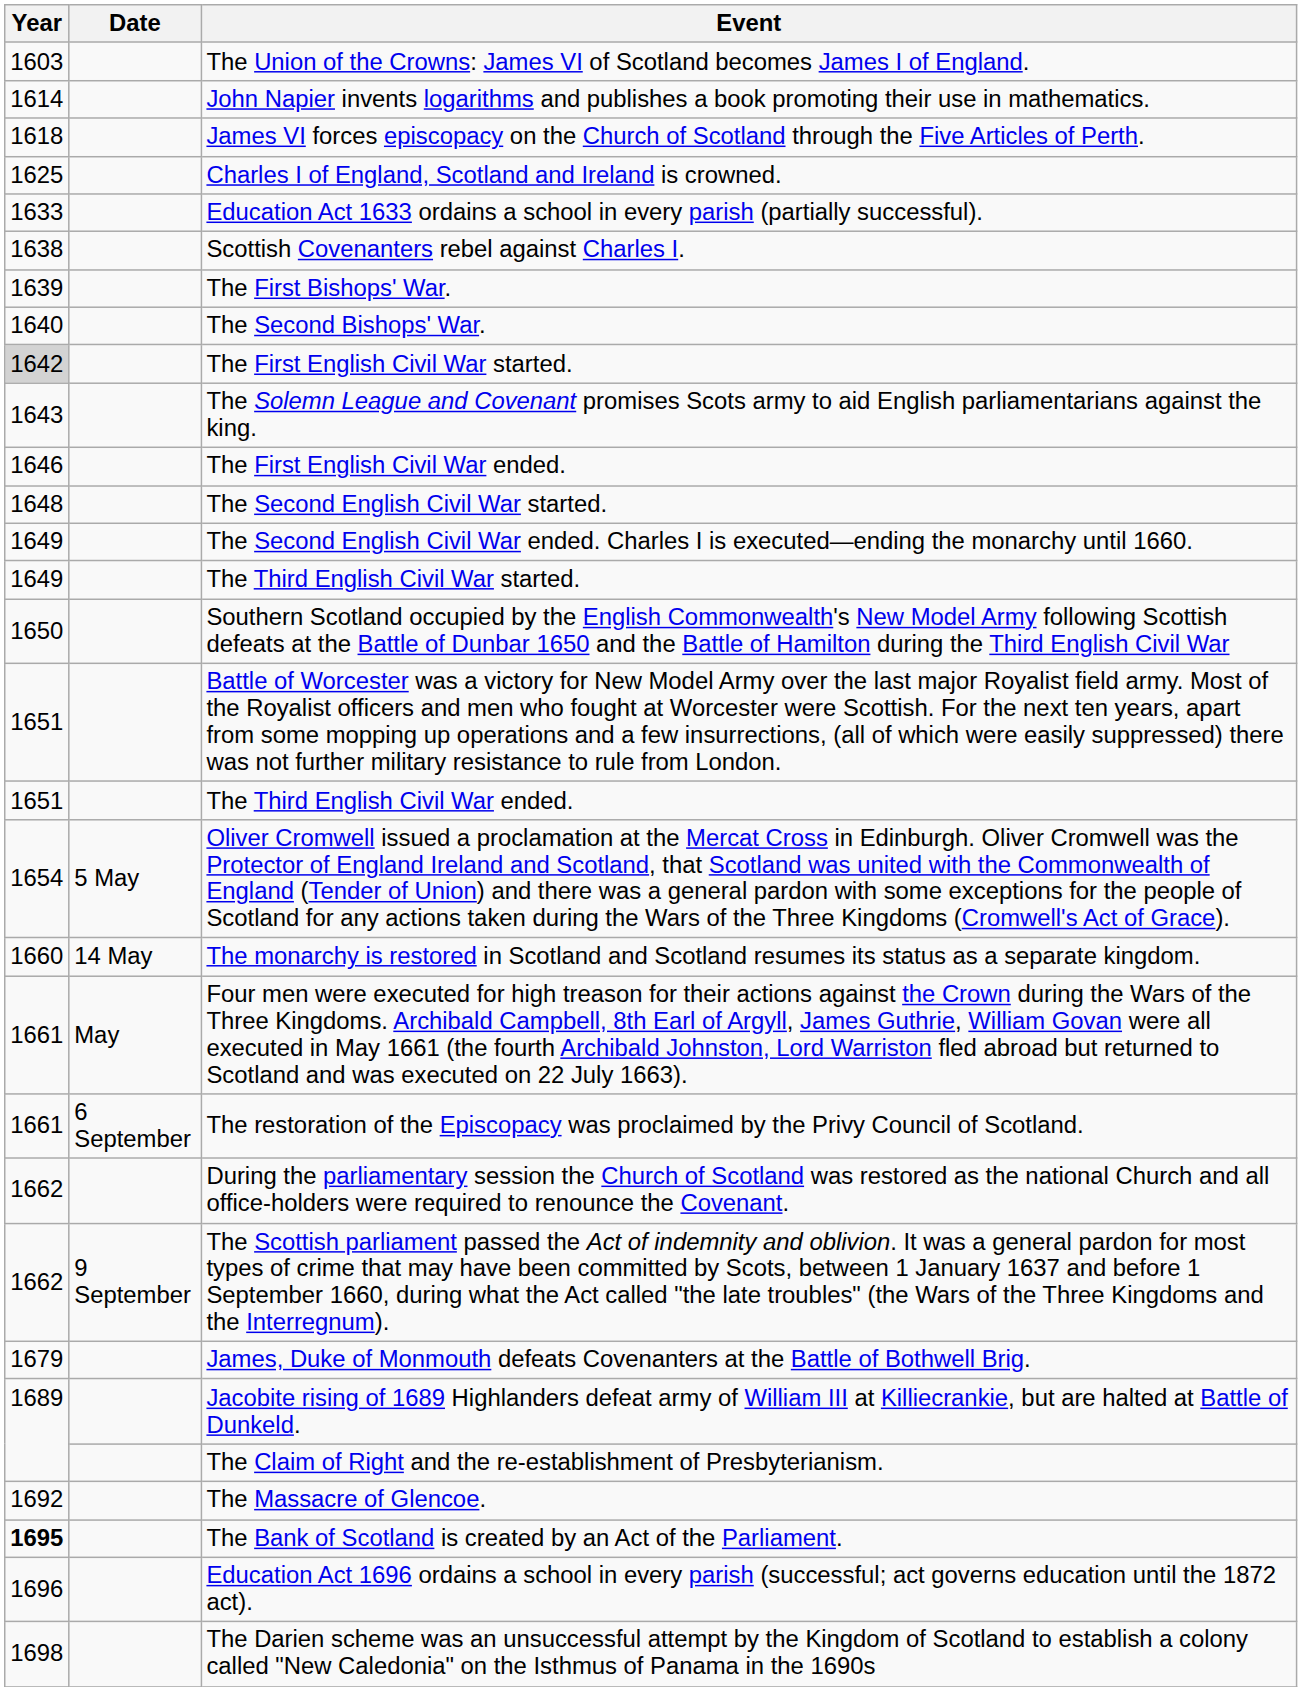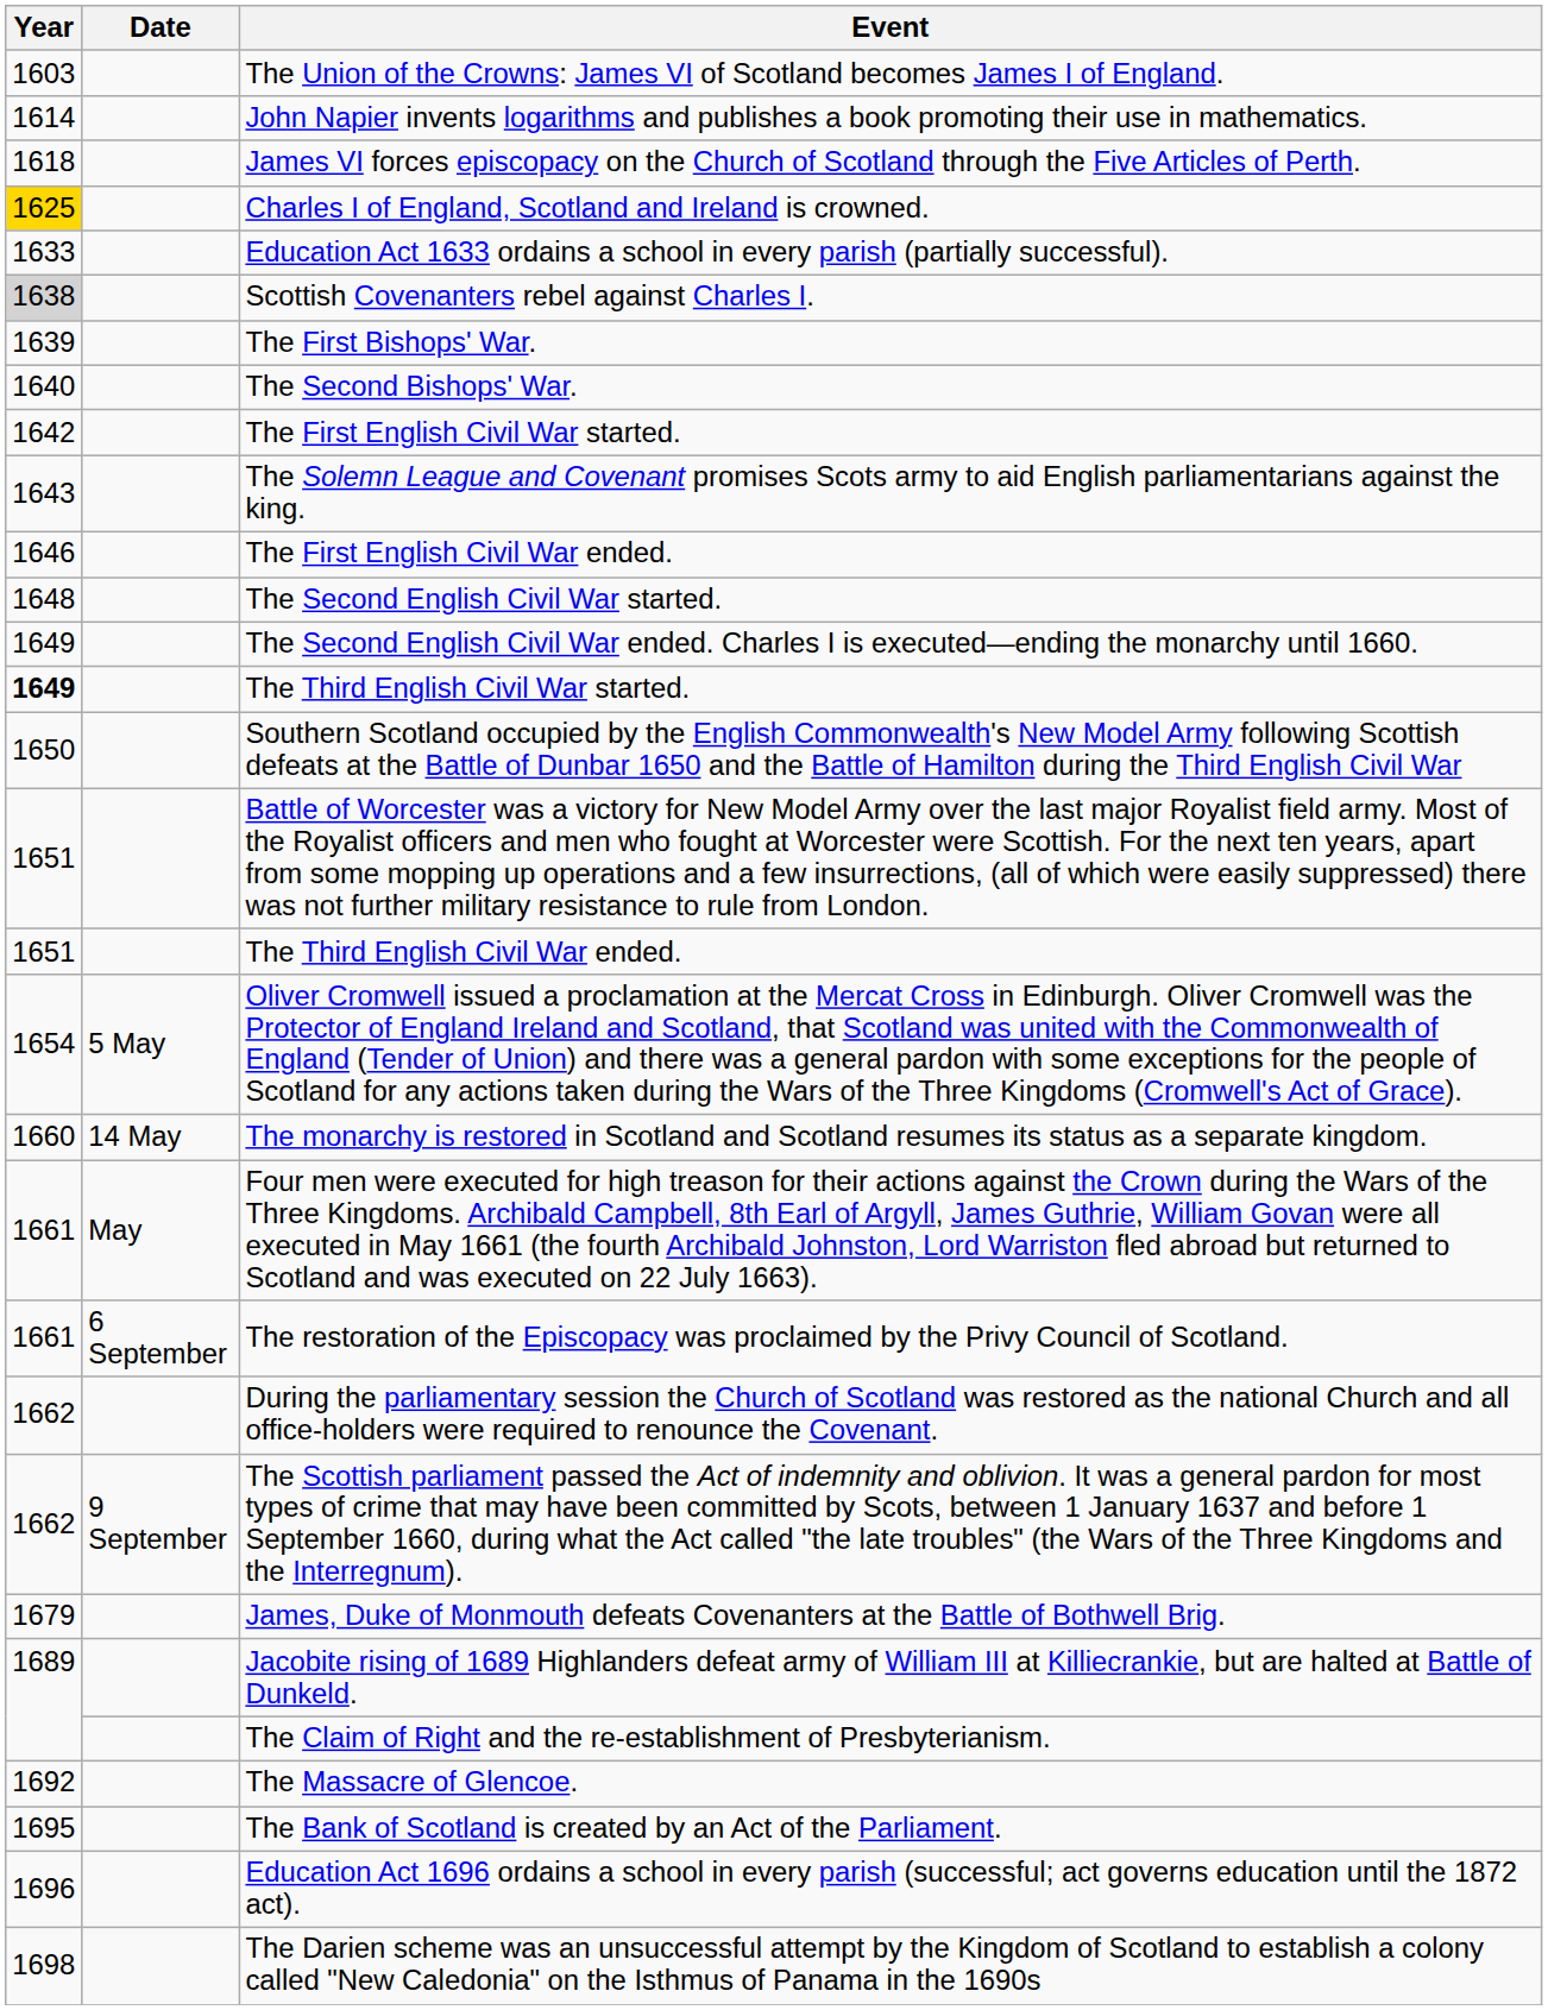 <table class="wikitable">
 <tr>
 <th style="width:6en">Year</th>
 <th style="width:15en">Date</th>
 <th>Event</th>
 </tr>
 <tr>
 <td>1603</td>
 <td></td>
 <td>The <a href='#'>Union of the Crowns</a>: <a href='#'>James VI</a> of Scotland becomes <a href='#'>James I of England</a>.</td>
 </tr>
 <tr>
 <td>1614</td>
 <td></td>
 <td><a href='#'>John Napier</a> invents <a href='#'>logarithms</a> and publishes a book promoting their use in mathematics.</td>
 </tr>
 <tr>
 <td>1618</td>
 <td></td>
 <td><a href='#'>James VI</a> forces <a href='#'>episcopacy</a> on the <a href='#'>Church of Scotland</a> through the <a href='#'>Five Articles of Perth</a>.</td>
 </tr>
 <tr>
-<td>1625</td>
+<td style="background: gold;">1625</td>
 <td></td>
 <td><a href='#'>Charles I of England, Scotland and Ireland</a> is crowned.</td>
 </tr>
 <tr>
 <td>1633</td>
 <td></td>
 <td><a href='#'>Education Act 1633</a> ordains a school in every <a href='#'>parish</a> (partially successful).</td>
 </tr>
 <tr>
-<td>1638</td>
+<td style="background: lightgrey;">1638</td>
 <td></td>
 <td>Scottish <a href='#'>Covenanters</a> rebel against <a href='#'>Charles I</a>.</td>
 </tr>
 <tr>
 <td>1639</td>
 <td></td>
 <td>The <a href='#'>First Bishops' War</a>.</td>
 </tr>
 <tr>
 <td>1640</td>
 <td></td>
 <td>The <a href='#'>Second Bishops' War</a>.</td>
 </tr>
 <tr>
-<td style="background: lightgrey;">1642</td>
+<td>1642</td>
 <td></td>
 <td>The <a href='#'>First English Civil War</a> started.</td>
 </tr>
 <tr>
 <td>1643</td>
 <td></td>
 <td>The <em><a href='#'>Solemn League and Covenant</a></em> promises Scots army to aid English parliamentarians against the king.</td>
 </tr>
 <tr>
 <td>1646</td>
 <td></td>
 <td>The <a href='#'>First English Civil War</a> ended.</td>
 </tr>
 <tr>
 <td>1648</td>
 <td></td>
 <td>The <a href='#'>Second English Civil War</a> started.</td>
 </tr>
 <tr>
 <td>1649</td>
 <td></td>
 <td>The <a href='#'>Second English Civil War</a> ended. Charles I is executed—ending the monarchy until 1660.</td>
 </tr>
 <tr>
-<td>1649</td>
+<td><strong>1649</strong></td>
 <td></td>
 <td>The <a href='#'>Third English Civil War</a> started.</td>
 </tr>
 <tr>
 <td>1650</td>
 <td></td>
 <td>Southern Scotland occupied by the <a href='#'>English Commonwealth</a>'s <a href='#'>New Model Army</a> following Scottish defeats at the <a href='#'>Battle of Dunbar 1650</a> and the <a href='#'>Battle of Hamilton</a> during the <a href='#'>Third English Civil War</a></td>
 </tr>
 <tr>
 <td>1651</td>
 <td></td>
 <td><a href='#'>Battle of Worcester</a> was a victory for New Model Army over the last major Royalist field army. Most of the Royalist officers and men who fought at Worcester were Scottish. For the next ten years, apart from some mopping up operations and a few insurrections, (all of which were easily suppressed) there was not further military resistance to rule from London.</td>
 </tr>
 <tr>
 <td>1651</td>
 <td></td>
 <td>The <a href='#'>Third English Civil War</a> ended.</td>
 </tr>
 <tr>
 <td>1654</td>
 <td>5 May</td>
 <td><a href='#'>Oliver Cromwell</a> issued a proclamation at the <a href='#'>Mercat Cross</a> in Edinburgh. Oliver Cromwell was the <a href='#'>Protector of England Ireland and Scotland</a>, that <a href='#'>Scotland was united with the Commonwealth of England</a> (<a href='#'>Tender of Union</a>) and there was a general pardon with some exceptions for the people of Scotland for any actions taken during the Wars of the Three Kingdoms (<a href='#'>Cromwell's Act of Grace</a>).</td>
 </tr>
 <tr>
 <td>1660</td>
 <td>14 May</td>
 <td><a href='#'>The monarchy is restored</a> in Scotland and Scotland resumes its status as a separate kingdom.</td>
 </tr>
 <tr>
 <td>1661</td>
 <td>May</td>
 <td>Four men were executed for high treason for their actions against <a href='#'>the Crown</a> during the Wars of the Three Kingdoms. <a href='#'>Archibald Campbell, 8th Earl of Argyll</a>, <a href='#'>James Guthrie</a>, <a href='#'>William Govan</a> were all executed in May 1661 (the fourth <a href='#'>Archibald Johnston, Lord Warriston</a> fled abroad but returned to Scotland and was executed on 22 July 1663).</td>
 </tr>
 <tr>
 <td>1661</td>
 <td>6 September</td>
 <td>The restoration of the <a href='#'>Episcopacy</a> was proclaimed by the Privy Council of Scotland.</td>
 </tr>
 <tr>
 <td>1662</td>
 <td></td>
 <td>During the <a href='#'>parliamentary</a> session the <a href='#'>Church of Scotland</a> was restored as the national Church and all office-holders were required to renounce the <a href='#'>Covenant</a>.</td>
 </tr>
 <tr>
 <td>1662</td>
 <td>9 September</td>
 <td>The <a href='#'>Scottish parliament</a> passed the <em>Act of indemnity and oblivion</em>. It was a general pardon for most types of crime that may have been committed by Scots, between 1 January 1637 and before 1 September 1660, during what the Act called "the late troubles" (the Wars of the Three Kingdoms and the <a href='#'>Interregnum</a>).</td>
 </tr>
 <tr>
 <td>1679</td>
 <td></td>
 <td><a href='#'>James, Duke of Monmouth</a> defeats Covenanters at the <a href='#'>Battle of Bothwell Brig</a>.</td>
 </tr>
 <tr>
 <td rowspan="2" valign="top">1689</td>
 <td></td>
 <td><a href='#'>Jacobite rising of 1689</a> Highlanders defeat army of <a href='#'>William III</a> at <a href='#'>Killiecrankie</a>, but are halted at <a href='#'>Battle of Dunkeld</a>.</td>
 </tr>
 <tr>
 <td></td>
 <td>The <a href='#'>Claim of Right</a> and the re-establishment of Presbyterianism.</td>
 </tr>
 <tr>
 <td>1692</td>
 <td></td>
 <td>The <a href='#'>Massacre of Glencoe</a>.</td>
 </tr>
 <tr>
-<td><strong>1695</strong></td>
+<td>1695</td>
 <td></td>
 <td>The <a href='#'>Bank of Scotland</a> is created by an Act of the <a href='#'>Parliament</a>.</td>
 </tr>
 <tr>
 <td>1696</td>
 <td></td>
 <td><a href='#'>Education Act 1696</a> ordains a school in every <a href='#'>parish</a> (successful; act governs education until the 1872 act).</td>
 </tr>
 <tr>
 <td>1698</td>
 <td></td>
 <td>The Darien scheme was an unsuccessful attempt by the Kingdom of Scotland to establish a colony called "New Caledonia" on the Isthmus of Panama in the 1690s</td>
 </tr>
 </table>
